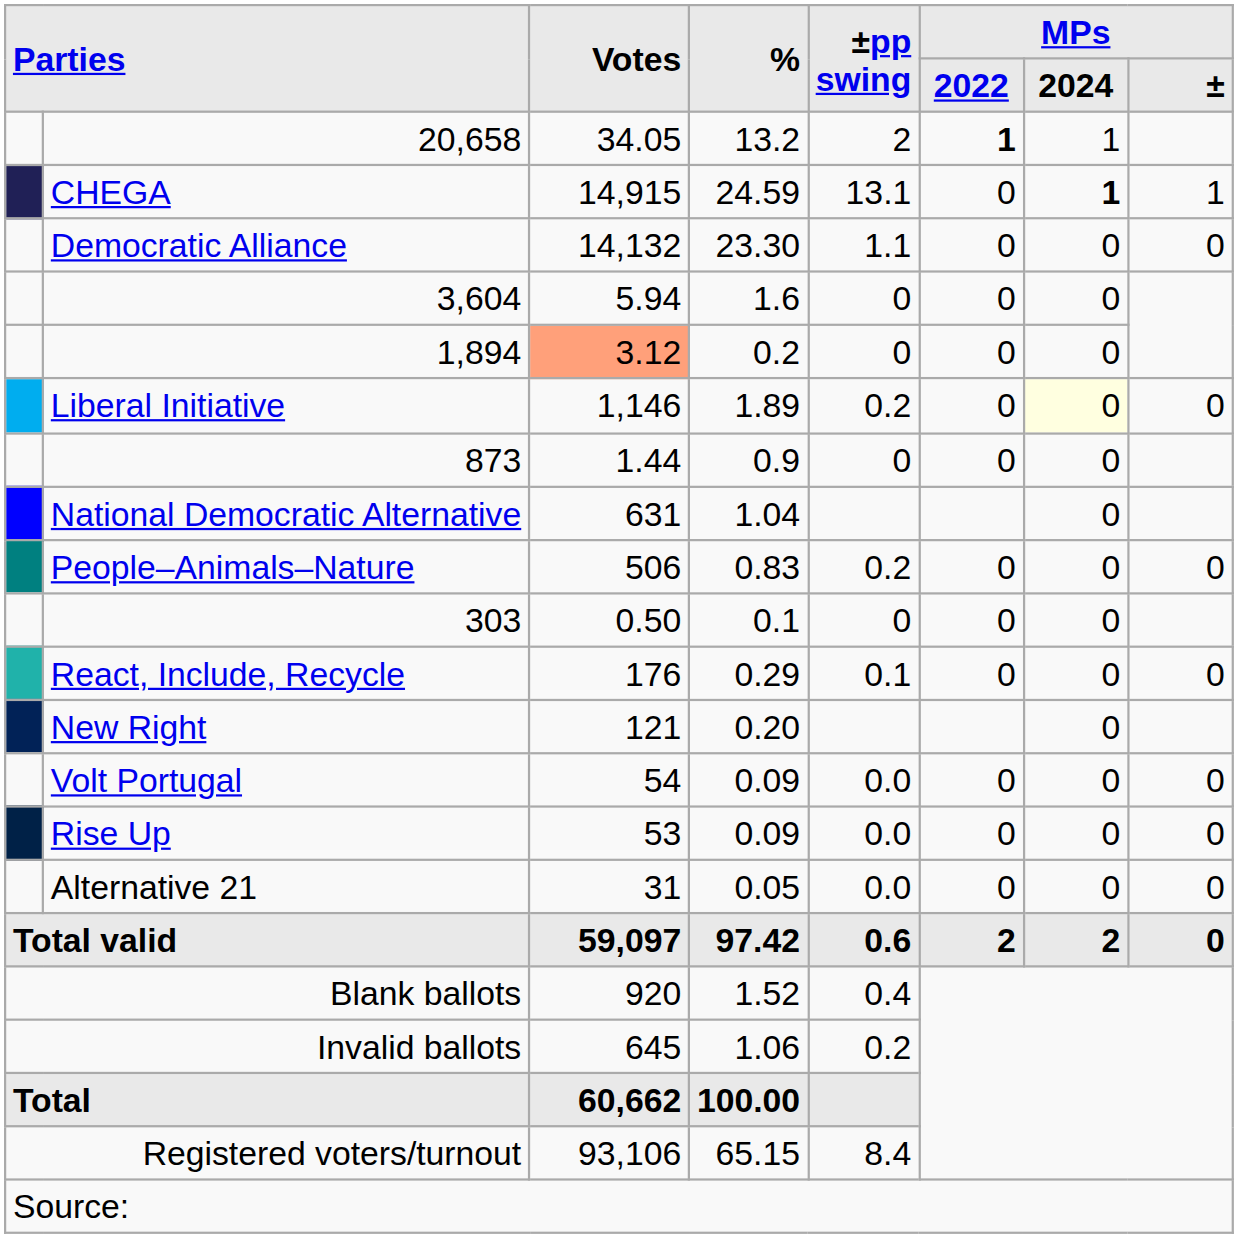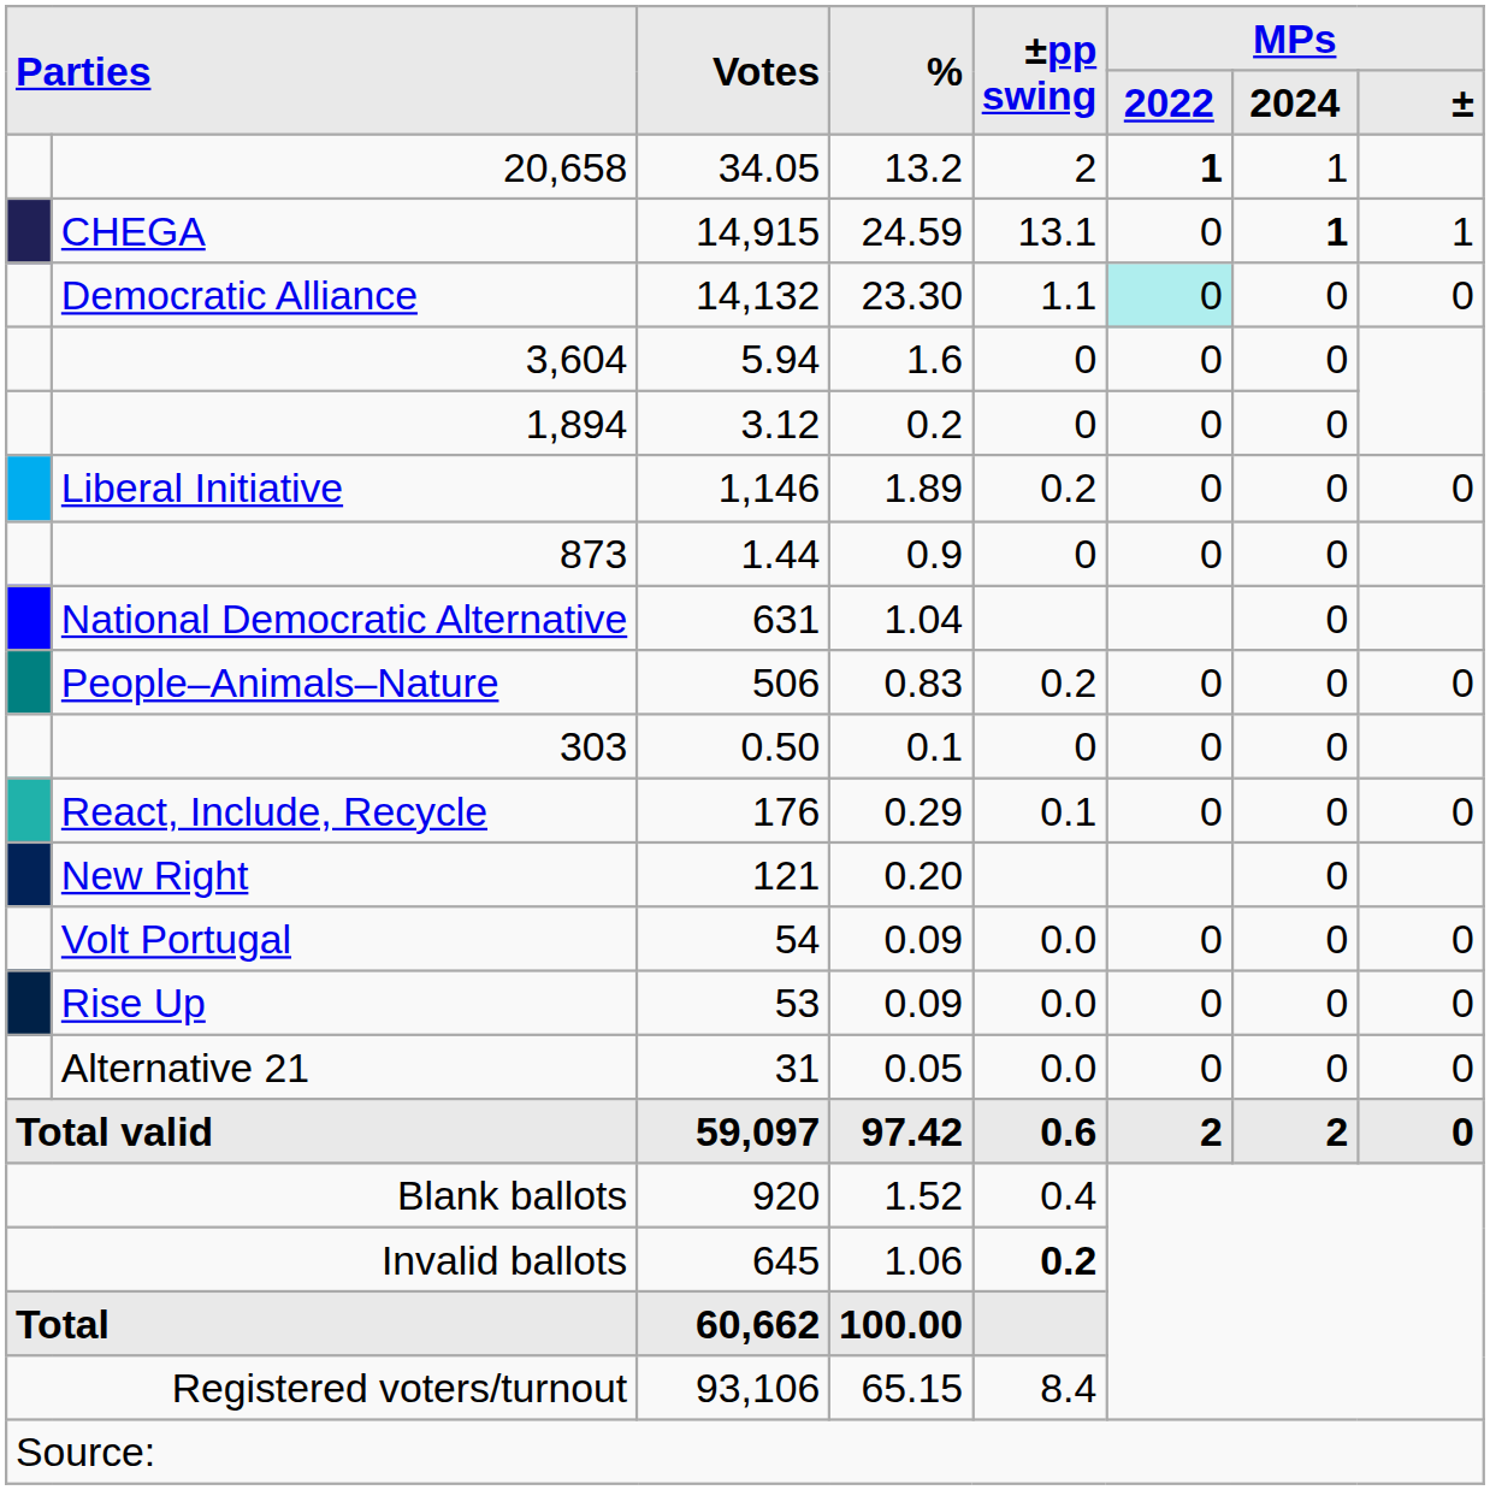 <table class="wikitable" style="text-align:right; font-size:95%;">
 <tr>
 <th rowspan="2" colspan="2" style="background:#e9e9e9; text-align:left;" alignleft><a href='#'>Parties</a></th>
 <th rowspan="2" style="background:#e9e9e9; text-align:right;">Votes</th>
 <th rowspan="2" style="background:#e9e9e9; text-align:right;">%</th>
 <th rowspan="2" style="background:#e9e9e9; text-align:right;">±<a href='#'>pp</a> <a href='#'>swing</a></th>
 <th colspan="3" style="background:#e9e9e9; text-align:center;"><a href='#'>MPs</a></th>
 </tr>
 <tr style="background-color:#E9E9E9">
 <th style="background-color:#E9E9E9;text-align:center;"><a href='#'>2022</a></th>
 <th style="background-color:#E9E9E9;text-align:center;">2024</th>
 <th style="background:#e9e9e9; text-align:right;">±</th>
 </tr>
 <tr>
 <td></td>
 <td>20,658</td>
 <td>34.05</td>
 <td>13.2</td>
 <td>2</td>
 <td><strong>1</strong></td>
 <td>1</td>
 </tr>
 <tr>
 <td style="width: 10px" bgcolor="#202056" align="center"></td>
 <td align="left"><a href='#'>CHEGA</a></td>
 <td>14,915</td>
 <td>24.59</td>
 <td>13.1</td>
 <td>0</td>
 <td><strong>1</strong></td>
 <td>1</td>
 </tr>
 <tr>
 <td style="width: 10px"></td>
 <td align="left"><a href='#'>Democratic Alliance</a> </td>
 <td>14,132</td>
 <td>23.30</td>
 <td>1.1</td>
-<td>0</td>
+<td style="background: paleturquoise;">0</td>
 <td>0</td>
 <td>0</td>
 </tr>
 <tr>
 <td></td>
 <td>3,604</td>
 <td>5.94</td>
 <td>1.6</td>
 <td>0</td>
 <td>0</td>
 <td>0</td>
 </tr>
 <tr>
 <td></td>
 <td>1,894</td>
-<td style="background: lightsalmon;">3.12</td>
+<td>3.12</td>
 <td>0.2</td>
 <td>0</td>
 <td>0</td>
 <td>0</td>
 </tr>
 <tr>
 <td style="width: 10px" bgcolor="#00ADEF" align="center"></td>
 <td align="left"><a href='#'>Liberal Initiative</a></td>
 <td>1,146</td>
 <td>1.89</td>
 <td>0.2</td>
 <td>0</td>
-<td style="background: lightyellow;">0</td>
+<td>0</td>
 <td>0</td>
 </tr>
 <tr>
 <td></td>
 <td>873</td>
 <td>1.44</td>
 <td>0.9</td>
 <td>0</td>
 <td>0</td>
 <td>0</td>
 </tr>
 <tr>
 <td style="width: 10px" bgcolor="blue" align="center"></td>
 <td align="left"><a href='#'>National Democratic Alternative</a></td>
 <td>631</td>
 <td>1.04</td>
 <td></td>
 <td></td>
 <td>0</td>
 <td></td>
 </tr>
 <tr>
 <td style="width: 10px" bgcolor="teal" align="center"></td>
 <td align="left"><a href='#'>People–Animals–Nature</a></td>
 <td>506</td>
 <td>0.83</td>
 <td>0.2</td>
 <td>0</td>
 <td>0</td>
 <td>0</td>
 </tr>
 <tr>
 <td></td>
 <td>303</td>
 <td>0.50</td>
 <td>0.1</td>
 <td>0</td>
 <td>0</td>
 <td>0</td>
 </tr>
 <tr>
 <td style="width: 10px" bgcolor="LightSeaGreen" align="center"></td>
 <td align="left"><a href='#'>React, Include, Recycle</a></td>
 <td>176</td>
 <td>0.29</td>
 <td>0.1</td>
 <td>0</td>
 <td>0</td>
 <td>0</td>
 </tr>
 <tr>
 <td style="width: 10px" bgcolor="#012257" align="center"></td>
 <td align="left"><a href='#'>New Right</a></td>
 <td>121</td>
 <td>0.20</td>
 <td></td>
 <td></td>
 <td>0</td>
 <td></td>
 </tr>
 <tr>
 <td style="width: 10px"></td>
 <td align="left"><a href='#'>Volt Portugal</a></td>
 <td>54</td>
 <td>0.09</td>
 <td>0.0</td>
 <td>0</td>
 <td>0</td>
 <td>0</td>
 </tr>
 <tr>
 <td style="width: 10px" bgcolor="#002147" align="center"></td>
 <td align="left"><a href='#'>Rise Up</a></td>
 <td>53</td>
 <td>0.09</td>
 <td>0.0</td>
 <td>0</td>
 <td>0</td>
 <td>0</td>
 </tr>
 <tr>
 <td style="width: 10px"></td>
 <td align="left">Alternative 21 </td>
 <td>31</td>
 <td>0.05</td>
 <td>0.0</td>
 <td>0</td>
 <td>0</td>
 <td>0</td>
 </tr>
 <tr>
 <td colspan=2 align=left style="background-color:#E9E9E9"><strong>Total valid</strong></td>
 <td width="65" align="right" style="background-color:#E9E9E9"><strong>59,097</strong></td>
 <td width="40" align="right" style="background-color:#E9E9E9"><strong>97.42</strong></td>
 <td width="40" align="right" style="background-color:#E9E9E9"><strong>0.6</strong></td>
 <td width="40" align="right" style="background-color:#E9E9E9"><strong>2</strong></td>
 <td width="40" align="right" style="background-color:#E9E9E9"><strong>2</strong></td>
 <td width="40" align="right" style="background-color:#E9E9E9"><strong>0</strong></td>
 </tr>
 <tr>
 <td colspan=2>Blank ballots</td>
 <td>920</td>
 <td>1.52</td>
 <td>0.4</td>
 <td colspan="3" rowspan="4"></td>
 </tr>
 <tr>
 <td colspan=2>Invalid ballots</td>
 <td>645</td>
 <td>1.06</td>
-<td>0.2</td>
+<td><strong>0.2</strong></td>
 </tr>
 <tr>
 <td colspan=2 align=left style="background-color:#E9E9E9"><strong>Total</strong></td>
 <td width="50" align="right" style="background-color:#E9E9E9"><strong>60,662</strong></td>
 <td width="40" align="right" style="background-color:#E9E9E9"><strong>100.00</strong></td>
 <td width="40" align="right" style="background-color:#E9E9E9"></td>
 </tr>
 <tr>
 <td colspan=2>Registered voters/turnout</td>
 <td>93,106</td>
 <td>65.15</td>
 <td>8.4</td>
 </tr>
 <tr>
 <td colspan=8 align=left>Source: </td>
 </tr>
 </table>
